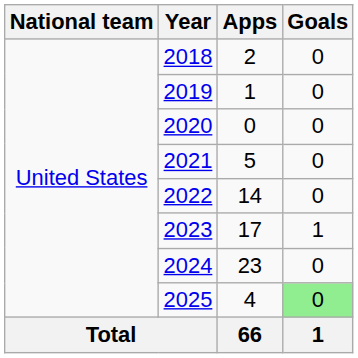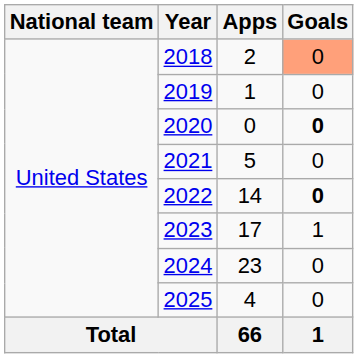 <table class="wikitable" style="text-align:center">
 <tr>
 <th>National team</th>
 <th>Year</th>
 <th>Apps</th>
 <th>Goals</th>
 </tr>
 <tr>
 <td rowspan=8><a href='#'>United States</a></td>
 <td><a href='#'>2018</a></td>
 <td>2</td>
-<td>0</td>
+<td style="background: lightsalmon;">0</td>
 </tr>
 <tr>
 <td><a href='#'>2019</a></td>
 <td>1</td>
 <td>0</td>
 </tr>
 <tr>
 <td><a href='#'>2020</a></td>
 <td>0</td>
-<td>0</td>
+<td><strong>0</strong></td>
 </tr>
 <tr>
 <td><a href='#'>2021</a></td>
 <td>5</td>
 <td>0</td>
 </tr>
 <tr>
 <td><a href='#'>2022</a></td>
 <td>14</td>
-<td>0</td>
+<td><strong>0</strong></td>
 </tr>
 <tr>
 <td><a href='#'>2023</a></td>
 <td>17</td>
 <td>1</td>
 </tr>
 <tr>
 <td><a href='#'>2024</a></td>
 <td>23</td>
 <td>0</td>
 </tr>
 <tr>
 <td><a href='#'>2025</a></td>
 <td>4</td>
-<td style="background: lightgreen;">0</td>
+<td>0</td>
 </tr>
 <tr>
 <th colspan=2>Total</th>
 <th>66</th>
 <th>1</th>
 </tr>
 </table>
